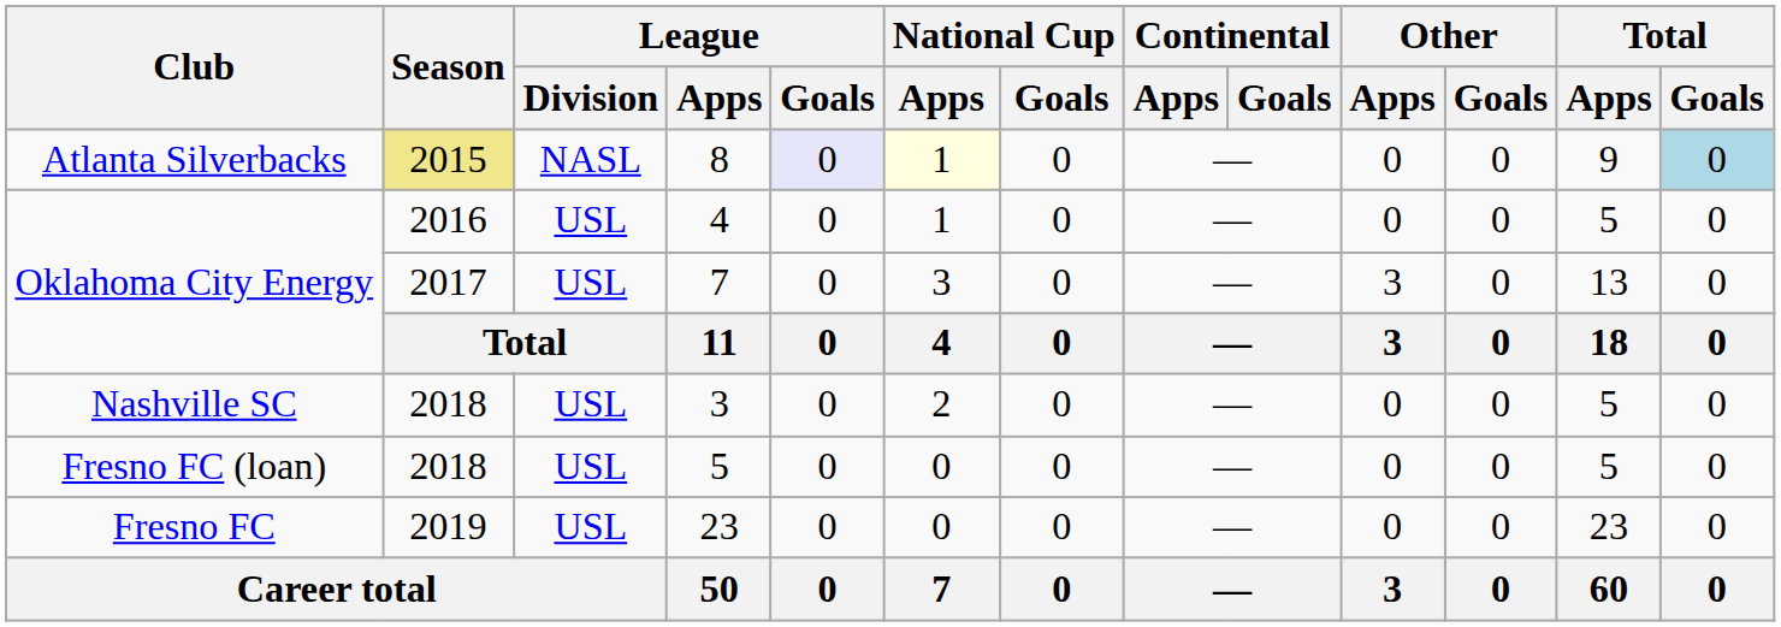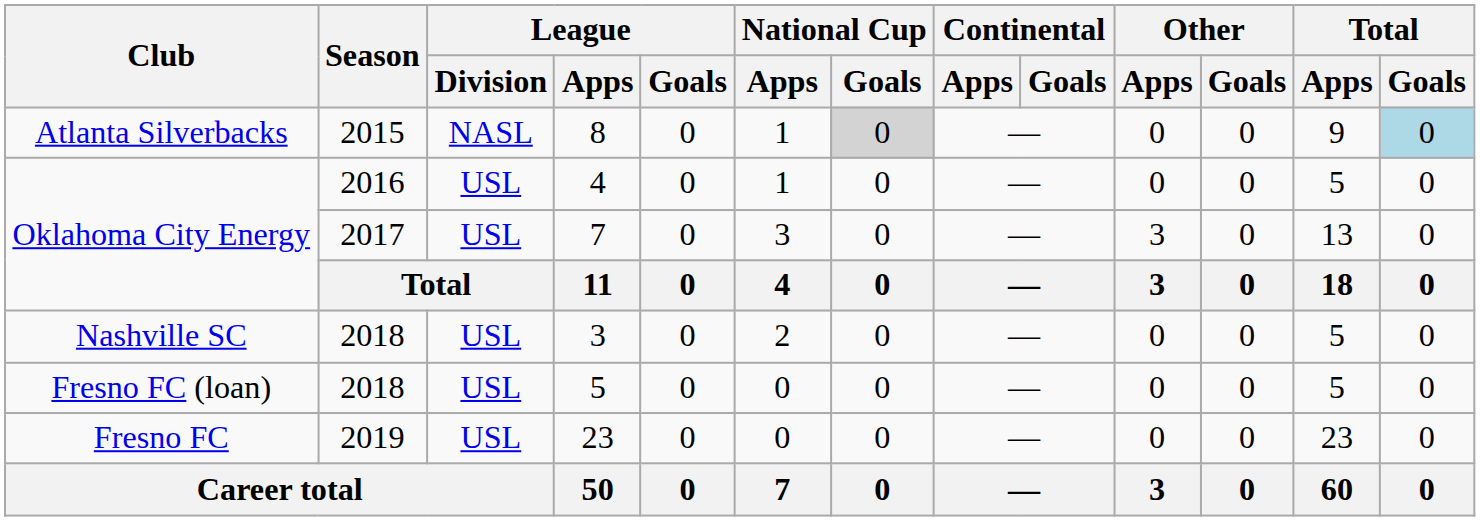 <table class="wikitable" style="text-align: center;">
 <tr>
 <th rowspan=2>Club</th>
 <th rowspan=2>Season</th>
 <th colspan=3>League</th>
 <th colspan=2>National Cup</th>
 <th colspan=2>Continental</th>
 <th colspan=2>Other</th>
 <th colspan=2>Total</th>
 </tr>
 <tr>
 <th>Division</th>
 <th>Apps</th>
 <th>Goals</th>
 <th>Apps</th>
 <th>Goals</th>
 <th>Apps</th>
 <th>Goals</th>
 <th>Apps</th>
 <th>Goals</th>
 <th>Apps</th>
 <th>Goals</th>
 </tr>
 <tr>
 <td rowspan=1 valign="center"><a href='#'>Atlanta Silverbacks</a></td>
-<td style="background: khaki;">2015</td>
+<td>2015</td>
 <td><a href='#'>NASL</a></td>
 <td>8</td>
-<td style="background: lavender;">0</td>
-<td style="background: lightyellow;">1</td>
 <td>0</td>
+<td>1</td>
+<td style="background: lightgrey;">0</td>
 <td colspan="2">—</td>
 <td>0</td>
 <td>0</td>
 <td>9</td>
 <td style="background: lightblue;">0</td>
 </tr>
 <tr>
 <td rowspan=3 valign="center"><a href='#'>Oklahoma City Energy</a></td>
 <td>2016</td>
 <td><a href='#'>USL</a></td>
 <td>4</td>
 <td>0</td>
 <td>1</td>
 <td>0</td>
 <td colspan="2">—</td>
 <td>0</td>
 <td>0</td>
 <td>5</td>
 <td>0</td>
 </tr>
 <tr>
 <td>2017</td>
 <td><a href='#'>USL</a></td>
 <td>7</td>
 <td>0</td>
 <td>3</td>
 <td>0</td>
 <td colspan="2">—</td>
 <td>3</td>
 <td>0</td>
 <td>13</td>
 <td>0</td>
 </tr>
 <tr>
 <th colspan=2>Total</th>
 <th>11</th>
 <th>0</th>
 <th>4</th>
 <th>0</th>
 <th colspan="2">—</th>
 <th>3</th>
 <th>0</th>
 <th>18</th>
 <th>0</th>
 </tr>
 <tr>
 <td rowspan=1 valign="center"><a href='#'>Nashville SC</a></td>
 <td>2018</td>
 <td><a href='#'>USL</a></td>
 <td>3</td>
 <td>0</td>
 <td>2</td>
 <td>0</td>
 <td colspan="2">—</td>
 <td>0</td>
 <td>0</td>
 <td>5</td>
 <td>0</td>
 </tr>
 <tr>
 <td rowspan=1 valign="center"><a href='#'>Fresno FC</a> (loan)</td>
 <td>2018</td>
 <td><a href='#'>USL</a></td>
 <td>5</td>
 <td>0</td>
 <td>0</td>
 <td>0</td>
 <td colspan="2">—</td>
 <td>0</td>
 <td>0</td>
 <td>5</td>
 <td>0</td>
 </tr>
 <tr>
 <td rowspan=1 valign="center"><a href='#'>Fresno FC</a></td>
 <td>2019</td>
 <td><a href='#'>USL</a></td>
 <td>23</td>
 <td>0</td>
 <td>0</td>
 <td>0</td>
 <td colspan="2">—</td>
 <td>0</td>
 <td>0</td>
 <td>23</td>
 <td>0</td>
 </tr>
 <tr>
 <th colspan=3>Career total</th>
 <th>50</th>
 <th>0</th>
 <th>7</th>
 <th>0</th>
 <th colspan="2">—</th>
 <th>3</th>
 <th>0</th>
 <th>60</th>
 <th>0</th>
 </tr>
 </table>
